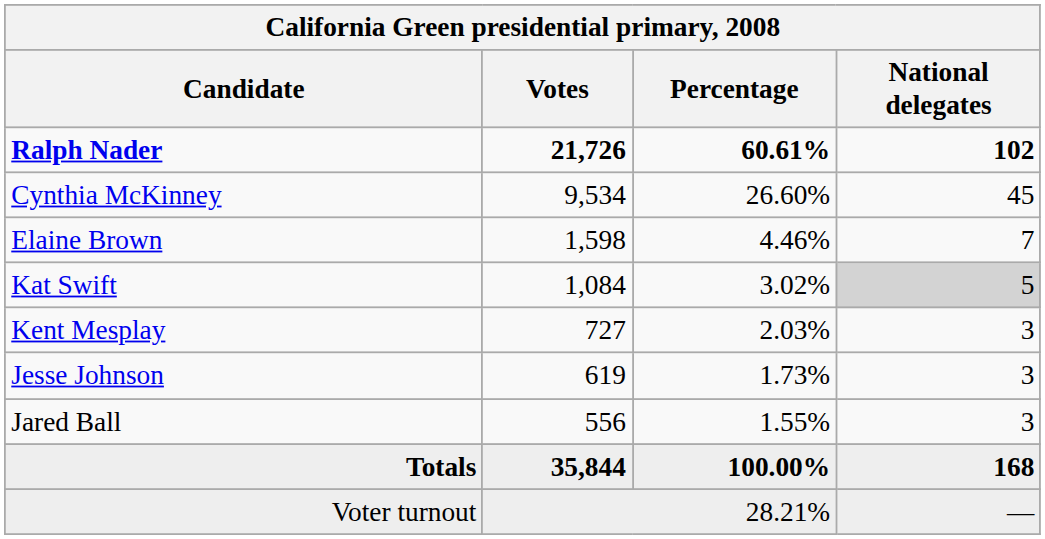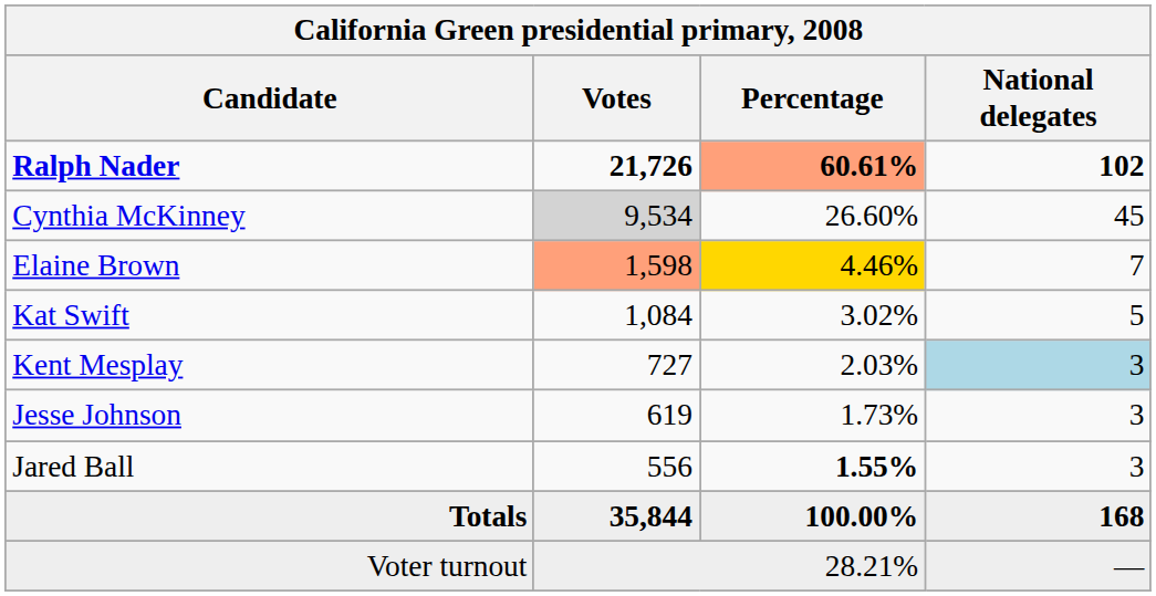 <table class="wikitable" style="font-size: 95%;">
 <tr>
 <th colspan="4">California Green presidential primary, 2008</th>
 </tr>
 <tr>
 <th style="width: 17em">Candidate</th>
 <th style="width: 5em">Votes</th>
 <th style="width: 7em">Percentage</th>
 <th style="width: 7em">National delegates</th>
 </tr>
 <tr>
 <td><strong><a href='#'>Ralph Nader</a></strong></td>
 <td align="right"><strong>21,726</strong></td>
-<td align="right"><strong>60.61%</strong></td>
+<td align="right" style="background: lightsalmon;"><strong>60.61%</strong></td>
 <td align="right"><strong>102</strong></td>
 </tr>
 <tr>
 <td><a href='#'>Cynthia McKinney</a></td>
-<td align="right">9,534</td>
+<td align="right" style="background: lightgrey;">9,534</td>
 <td align="right">26.60%</td>
 <td align="right">45</td>
 </tr>
 <tr>
 <td><a href='#'>Elaine Brown</a></td>
-<td align="right">1,598</td>
-<td align="right">4.46%</td>
+<td align="right" style="background: lightsalmon;">1,598</td>
+<td align="right" style="background: gold;">4.46%</td>
 <td align="right">7</td>
 </tr>
 <tr>
 <td><a href='#'>Kat Swift</a></td>
 <td align="right">1,084</td>
 <td align="right">3.02%</td>
-<td align="right" style="background: lightgrey;">5</td>
+<td align="right">5</td>
 </tr>
 <tr>
 <td><a href='#'>Kent Mesplay</a></td>
 <td align="right">727</td>
 <td align="right">2.03%</td>
-<td align="right">3</td>
+<td align="right" style="background: lightblue;">3</td>
 </tr>
 <tr>
 <td><a href='#'>Jesse Johnson</a></td>
 <td align="right">619</td>
 <td align="right">1.73%</td>
 <td align="right">3</td>
 </tr>
 <tr>
 <td>Jared Ball</td>
 <td align="right">556</td>
-<td align="right">1.55%</td>
+<td align="right"><strong>1.55%</strong></td>
 <td align="right">3</td>
 </tr>
 <tr bgcolor="#EEEEEE">
 <td align="right"><strong>Totals</strong></td>
 <td align="right"><strong>35,844</strong></td>
 <td align="right"><strong>100.00%</strong></td>
 <td align="right"><strong>168</strong></td>
 </tr>
 <tr bgcolor="#EEEEEE">
 <td align="right">Voter turnout</td>
 <td colspan="2" align="right">28.21%</td>
 <td align="right">—</td>
 </tr>
 </table>
